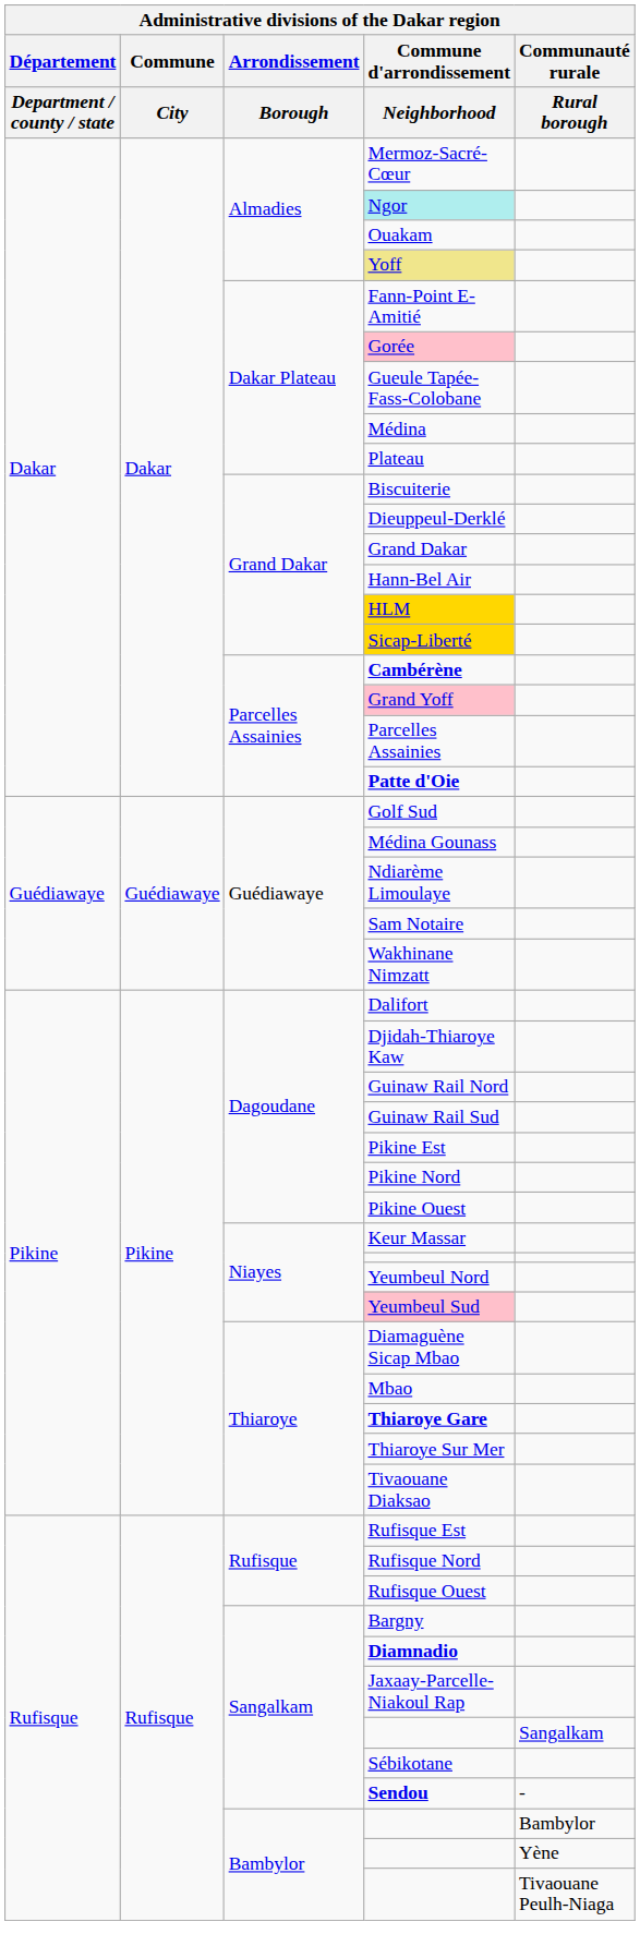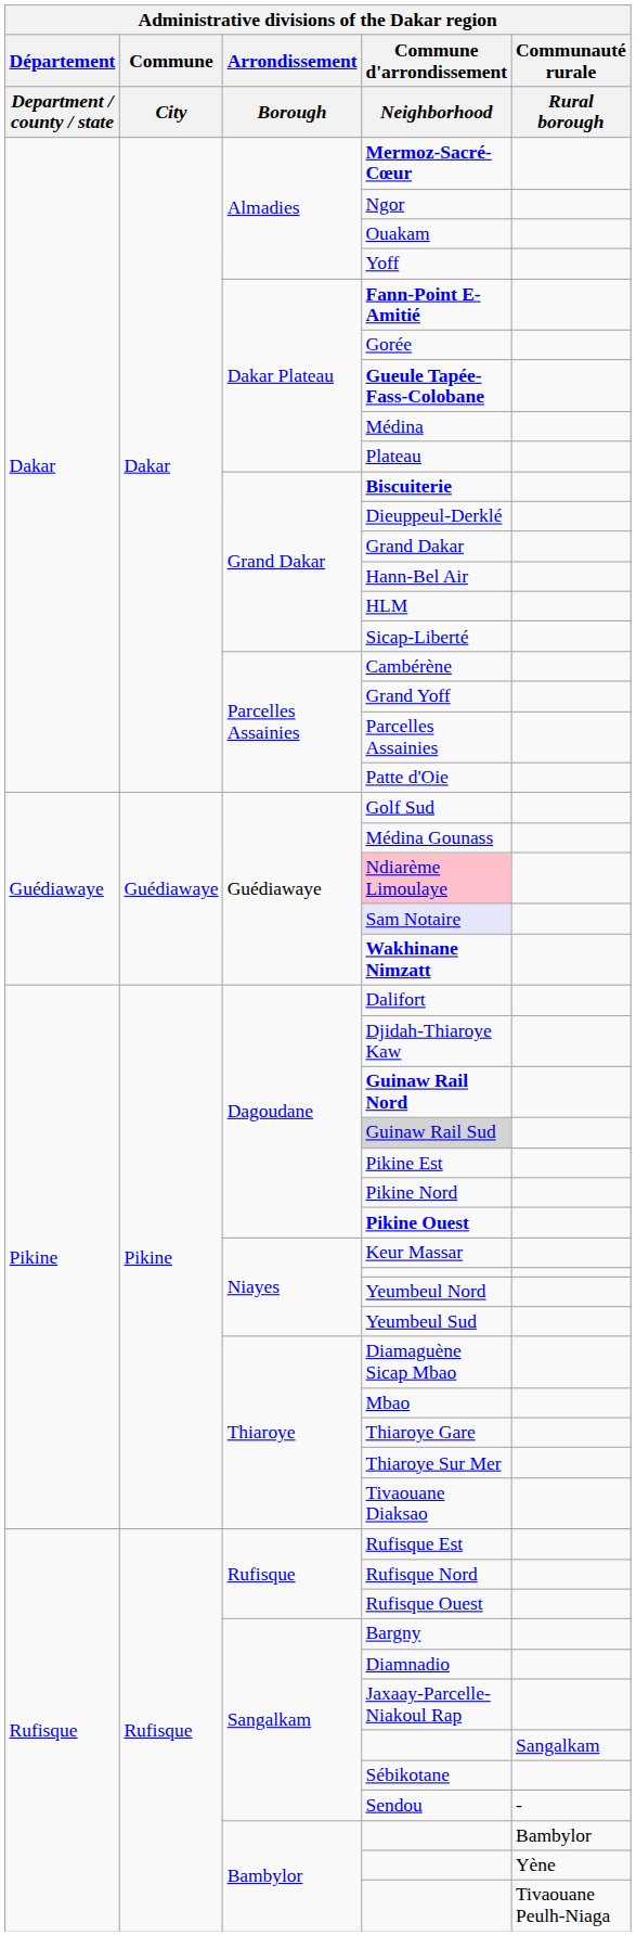 <table class="wikitable">
 <tr>
 <th colspan=5>Administrative divisions of the Dakar region</th>
 </tr>
 <tr>
 <th width="60"><a href='#'>Département</a></th>
 <th width="60">Commune</th>
 <th width="80"><a href='#'>Arrondissement</a></th>
 <th width="80">Commune d'arrondissement</th>
 <th width="60">Communauté rurale</th>
 </tr>
 <tr>
 <th width="60"><em>Department / county / state</em></th>
 <th width="60"><em>City</em></th>
 <th width="80"><em>Borough</em></th>
 <th width="80"><em>Neighborhood</em></th>
 <th width="60"><em>Rural borough</em></th>
 </tr>
 <tr>
 <td rowspan=19><a href='#'>Dakar</a></td>
 <td rowspan=19><a href='#'>Dakar</a></td>
 <td rowspan=4><a href='#'>Almadies</a></td>
-<td><a href='#'>Mermoz-Sacré-Cœur</a></td>
+<td><strong><a href='#'>Mermoz-Sacré-Cœur</a></strong></td>
 <td></td>
 </tr>
 <tr>
-<td style="background: paleturquoise;"><a href='#'>Ngor</a></td>
+<td><a href='#'>Ngor</a></td>
 <td></td>
 </tr>
 <tr>
 <td><a href='#'>Ouakam</a></td>
 <td></td>
 </tr>
 <tr>
-<td style="background: khaki;"><a href='#'>Yoff</a></td>
+<td><a href='#'>Yoff</a></td>
 <td></td>
 </tr>
 <tr>
 <td rowspan=5><a href='#'>Dakar Plateau</a></td>
-<td><a href='#'>Fann-Point E-Amitié</a></td>
+<td><strong><a href='#'>Fann-Point E-Amitié</a></strong></td>
 <td></td>
 </tr>
 <tr>
-<td style="background: pink;"><a href='#'>Gorée</a></td>
+<td><a href='#'>Gorée</a></td>
 <td></td>
 </tr>
 <tr>
-<td><a href='#'>Gueule Tapée-Fass-Colobane</a></td>
+<td><strong><a href='#'>Gueule Tapée-Fass-Colobane</a></strong></td>
 <td></td>
 </tr>
 <tr>
 <td><a href='#'>Médina</a></td>
 <td></td>
 </tr>
 <tr>
 <td><a href='#'>Plateau</a></td>
 <td></td>
 </tr>
 <tr>
 <td rowspan=6><a href='#'>Grand Dakar</a></td>
-<td><a href='#'>Biscuiterie</a></td>
+<td><strong><a href='#'>Biscuiterie</a></strong></td>
 <td></td>
 </tr>
 <tr>
 <td><a href='#'>Dieuppeul-Derklé</a></td>
 <td></td>
 </tr>
 <tr>
 <td><a href='#'>Grand Dakar</a></td>
 <td></td>
 </tr>
 <tr>
 <td><a href='#'>Hann-Bel Air</a></td>
 <td></td>
 </tr>
 <tr>
-<td style="background: gold;"><a href='#'>HLM</a></td>
+<td><a href='#'>HLM</a></td>
 <td></td>
 </tr>
 <tr>
-<td style="background: gold;"><a href='#'>Sicap-Liberté</a></td>
+<td><a href='#'>Sicap-Liberté</a></td>
 <td></td>
 </tr>
 <tr>
 <td rowspan=4><a href='#'>Parcelles Assainies</a></td>
-<td><strong><a href='#'>Cambérène</a></strong></td>
+<td><a href='#'>Cambérène</a></td>
 <td></td>
 </tr>
 <tr>
-<td style="background: pink;"><a href='#'>Grand Yoff</a></td>
+<td><a href='#'>Grand Yoff</a></td>
 <td></td>
 </tr>
 <tr>
 <td><a href='#'>Parcelles Assainies</a></td>
 <td></td>
 </tr>
 <tr>
-<td><strong><a href='#'>Patte d'Oie</a></strong></td>
+<td><a href='#'>Patte d'Oie</a></td>
 <td></td>
 </tr>
 <tr>
 <td rowspan=5><a href='#'>Guédiawaye</a></td>
 <td rowspan=5><a href='#'>Guédiawaye</a></td>
 <td rowspan=5>Guédiawaye</td>
 <td><a href='#'>Golf Sud</a></td>
 <td></td>
 </tr>
 <tr>
 <td><a href='#'>Médina Gounass</a></td>
 <td></td>
 </tr>
 <tr>
-<td><a href='#'>Ndiarème Limoulaye</a></td>
+<td style="background: pink;"><a href='#'>Ndiarème Limoulaye</a></td>
 <td></td>
 </tr>
 <tr>
-<td><a href='#'>Sam Notaire</a></td>
+<td style="background: lavender;"><a href='#'>Sam Notaire</a></td>
 <td></td>
 </tr>
 <tr>
-<td><a href='#'>Wakhinane Nimzatt</a></td>
+<td><strong><a href='#'>Wakhinane Nimzatt</a></strong></td>
 <td></td>
 </tr>
 <tr>
 <td rowspan=16><a href='#'>Pikine</a></td>
 <td rowspan=16><a href='#'>Pikine</a></td>
 <td rowspan=7><a href='#'>Dagoudane</a></td>
 <td><a href='#'>Dalifort</a></td>
 <td></td>
 </tr>
 <tr>
 <td><a href='#'>Djidah-Thiaroye Kaw</a></td>
 <td></td>
 </tr>
 <tr>
-<td><a href='#'>Guinaw Rail Nord</a></td>
+<td><strong><a href='#'>Guinaw Rail Nord</a></strong></td>
 <td></td>
 </tr>
 <tr>
-<td><a href='#'>Guinaw Rail Sud</a></td>
+<td style="background: lightgrey;"><a href='#'>Guinaw Rail Sud</a></td>
 <td></td>
 </tr>
 <tr>
 <td><a href='#'>Pikine Est</a></td>
 <td></td>
 </tr>
 <tr>
 <td><a href='#'>Pikine Nord</a></td>
 <td></td>
 </tr>
 <tr>
-<td><a href='#'>Pikine Ouest</a></td>
+<td><strong><a href='#'>Pikine Ouest</a></strong></td>
 <td></td>
 </tr>
 <tr>
 <td rowspan=4><a href='#'>Niayes</a></td>
 <td><a href='#'>Keur Massar</a></td>
 <td></td>
 </tr>
 <tr>
 <td></td>
 <td></td>
 </tr>
 <tr>
 <td><a href='#'>Yeumbeul Nord</a></td>
 <td></td>
 </tr>
 <tr>
-<td style="background: pink;"><a href='#'>Yeumbeul Sud</a></td>
+<td><a href='#'>Yeumbeul Sud</a></td>
 <td></td>
 </tr>
 <tr>
 <td rowspan=5><a href='#'>Thiaroye</a></td>
 <td><a href='#'>Diamaguène Sicap Mbao</a></td>
 <td></td>
 </tr>
 <tr>
 <td><a href='#'>Mbao</a></td>
 <td></td>
 </tr>
 <tr>
-<td><strong><a href='#'>Thiaroye Gare</a></strong></td>
+<td><a href='#'>Thiaroye Gare</a></td>
 <td></td>
 </tr>
 <tr>
 <td><a href='#'>Thiaroye Sur Mer</a></td>
 <td></td>
 </tr>
 <tr>
 <td><a href='#'>Tivaouane Diaksao</a></td>
 <td></td>
 </tr>
 <tr>
 <td rowspan=12><a href='#'>Rufisque</a></td>
 <td rowspan=12><a href='#'>Rufisque</a></td>
 <td rowspan=3><a href='#'>Rufisque</a></td>
 <td><a href='#'>Rufisque Est</a></td>
 <td></td>
 </tr>
 <tr>
 <td><a href='#'>Rufisque Nord</a></td>
 <td></td>
 </tr>
 <tr>
 <td><a href='#'>Rufisque Ouest</a></td>
 <td></td>
 </tr>
 <tr>
 <td rowspan=6><a href='#'>Sangalkam</a></td>
 <td><a href='#'>Bargny</a></td>
 </tr>
 <tr>
-<td><strong><a href='#'>Diamnadio</a></strong></td>
+<td><a href='#'>Diamnadio</a></td>
 <td></td>
 </tr>
 <tr>
 <td><a href='#'>Jaxaay-Parcelle-Niakoul Rap</a></td>
 <td></td>
 </tr>
 <tr>
 <td></td>
 <td><a href='#'>Sangalkam</a></td>
 </tr>
 <tr>
 <td><a href='#'>Sébikotane</a></td>
 <td></td>
 </tr>
 <tr>
-<td><strong><a href='#'>Sendou</a></strong></td>
+<td><a href='#'>Sendou</a></td>
 <td>-</td>
 </tr>
 <tr>
 <td rowspan=3><a href='#'>Bambylor</a></td>
 <td></td>
 <td>Bambylor</td>
 </tr>
 <tr>
 <td></td>
 <td>Yène</td>
 </tr>
 <tr>
 <td></td>
 <td>Tivaouane Peulh-Niaga</td>
 </tr>
 </table>
